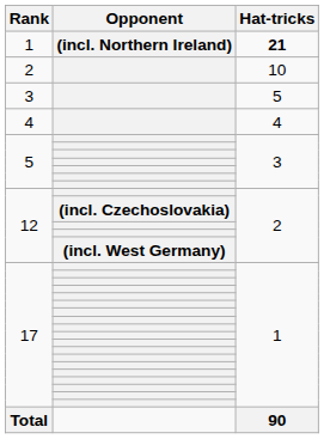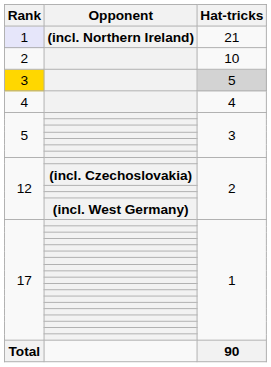 <table class="wikitable plainrowheaders sortable" style="text-align:center; font-size:95%">
 <tr>
 <th scope="col">Rank</th>
 <th scope="col">Opponent</th>
 <th scope="col">Hat-tricks</th>
 </tr>
 <tr>
-<td style="text-align:center">1</td>
+<td style="background: lavender; text-align:center">1</td>
 <th scope="row"> (incl. Northern Ireland)</th>
-<td><strong>21</strong></td>
+<td>21</td>
 </tr>
 <tr>
 <td style="text-align:center">2</td>
 <th scope="row"></th>
 <td>10</td>
 </tr>
 <tr>
-<td style="text-align:center">3</td>
+<td style="background: gold; text-align:center">3</td>
 <th scope="row"></th>
-<td>5</td>
+<td style="background: lightgrey;">5</td>
 </tr>
 <tr>
 <td style="text-align:center">4</td>
 <th scope="row"></th>
 <td>4</td>
 </tr>
 <tr>
 <td rowspan="7" style="text-align:center">5</td>
 <th scope="row"></th>
 <td rowspan="7">3</td>
 </tr>
 <tr>
 <th scope="row"></th>
 </tr>
 <tr>
 <th scope="row"></th>
 </tr>
 <tr>
 <th scope="row"></th>
 </tr>
 <tr>
 <th scope="row"></th>
 </tr>
 <tr>
 <th scope="row"></th>
 </tr>
 <tr>
 <th scope="row"></th>
 </tr>
 <tr>
 <td rowspan="5" style="text-align:center">12</td>
 <th scope="row"></th>
 <td rowspan="5">2</td>
 </tr>
 <tr>
 <th scope="row"> (incl. Czechoslovakia)</th>
 </tr>
 <tr>
 <th scope="row"></th>
 </tr>
 <tr>
 <th scope="row"></th>
 </tr>
 <tr>
 <th scope="row"> (incl. West Germany)</th>
 </tr>
 <tr>
 <td rowspan="19" style="text-align:center">17</td>
 <th scope="row"></th>
 <td rowspan="19">1</td>
 </tr>
 <tr>
 <th scope="row"></th>
 </tr>
 <tr>
 <th scope="row"></th>
 </tr>
 <tr>
 <th scope="row"></th>
 </tr>
 <tr>
 <th scope="row"></th>
 </tr>
 <tr>
 <th scope="row"></th>
 </tr>
 <tr>
 <th scope="row"></th>
 </tr>
 <tr>
 <th scope="row"></th>
 </tr>
 <tr>
 <th scope="row"></th>
 </tr>
 <tr>
 <th scope="row"></th>
 </tr>
 <tr>
 <th scope="row"></th>
 </tr>
 <tr>
 <th scope="row"></th>
 </tr>
 <tr>
 <th scope="row"></th>
 </tr>
 <tr>
 <th scope="row"></th>
 </tr>
 <tr>
 <th scope="row"></th>
 </tr>
 <tr>
 <th scope="row"></th>
 </tr>
 <tr>
 <th scope="row"></th>
 </tr>
 <tr>
 <th scope="row"></th>
 </tr>
 <tr>
 <th scope="row"></th>
 </tr>
 <tr>
 <th>Total</th>
 <td></td>
 <th>90</th>
 </tr>
 </table>
